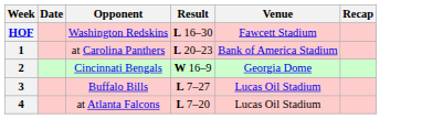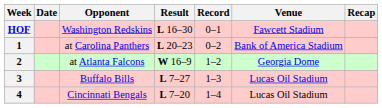 <table class="wikitable" style="text-align:center">
 <tr>
 <th>Week</th>
 <th>Date</th>
 <th>Opponent</th>
 <th>Result</th>
+<th>Record</th>
 <th>Venue</th>
 <th>Recap</th>
 </tr>
 <tr style="background:#fcc; text-align:center;">
 <th><a href='#'>HOF</a></th>
 <td></td>
 <td><a href='#'>Washington Redskins</a></td>
 <td><strong>L</strong> 16–30</td>
+<td>0–1</td>
 <td><a href='#'>Fawcett Stadium</a></td>
 <td></td>
 </tr>
 <tr style="background:#fcc; text-align:center;">
 <th>1</th>
 <td></td>
 <td>at <a href='#'>Carolina Panthers</a></td>
 <td><strong>L</strong> 20–23</td>
+<td>0–2</td>
 <td><a href='#'>Bank of America Stadium</a></td>
 <td></td>
 </tr>
 <tr style="background:#cfc; text-align:center;">
 <th>2</th>
 <td></td>
-<td><a href='#'>Cincinnati Bengals</a></td>
+<td>at <a href='#'>Atlanta Falcons</a></td>
 <td><strong>W</strong> 16–9</td>
+<td>1–2</td>
 <td><a href='#'>Georgia Dome</a></td>
 <td></td>
 </tr>
 <tr style="background:#fcc; text-align:center;">
 <th>3</th>
 <td></td>
 <td><a href='#'>Buffalo Bills</a></td>
 <td><strong>L</strong> 7–27</td>
+<td>1–3</td>
 <td><a href='#'>Lucas Oil Stadium</a></td>
 <td></td>
 </tr>
 <tr style="background:#fcc; text-align:center;">
 <th>4</th>
 <td></td>
-<td>at <a href='#'>Atlanta Falcons</a></td>
+<td><a href='#'>Cincinnati Bengals</a></td>
 <td><strong>L</strong> 7–20</td>
+<td>1–4</td>
 <td>Lucas Oil Stadium</td>
 <td></td>
 </tr>
 </table>
